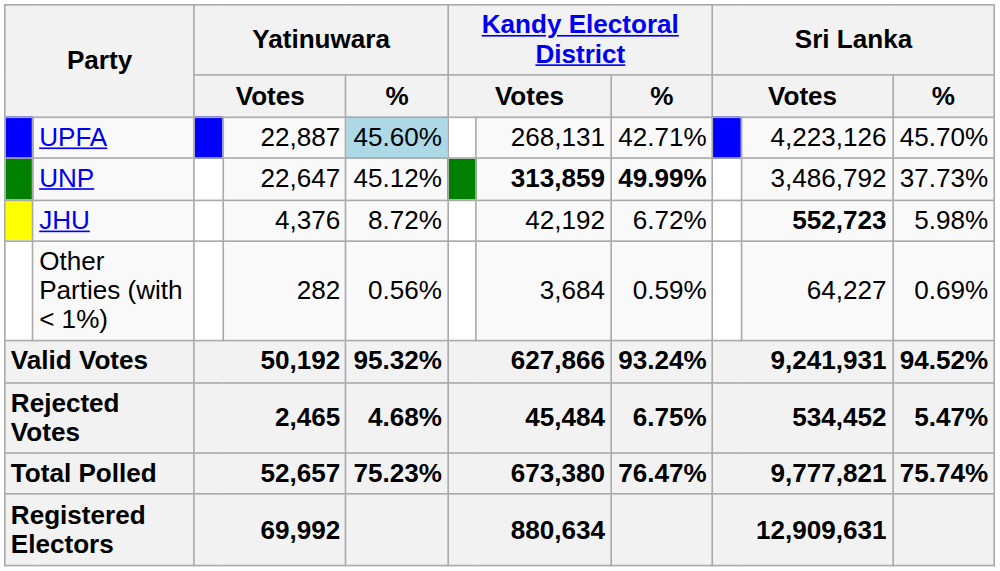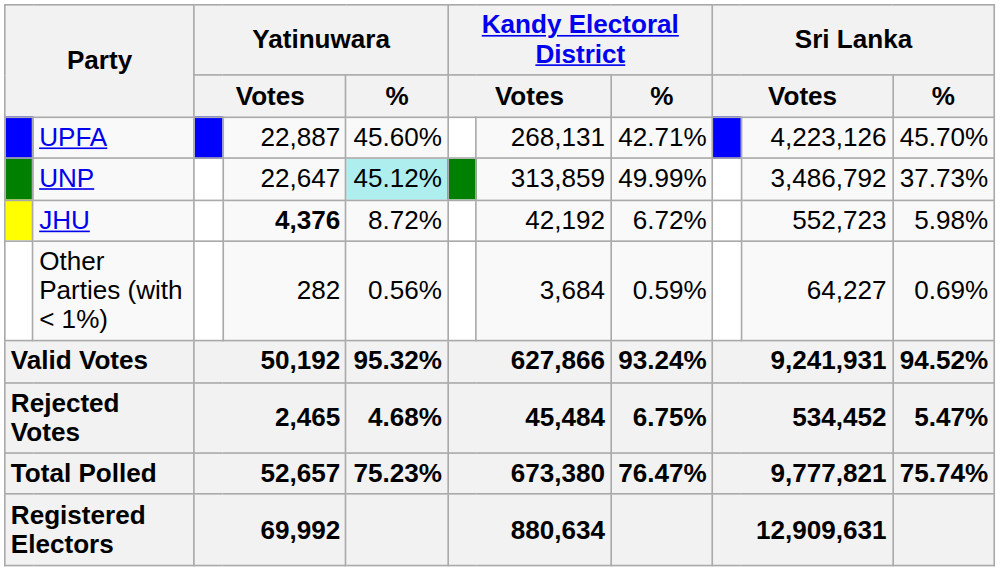 <table class="wikitable">
 <tr>
 <th colspan="2" width="144px"rowspan="2">Party</th>
 <th colspan="3" width="216px">Yatinuwara</th>
 <th colspan="3" width="216px"><a href='#'>Kandy Electoral District</a></th>
 <th colspan="3" width="216px">Sri Lanka</th>
 </tr>
 <tr>
 <th colspan="2" width="144px">Votes</th>
 <th>%</th>
 <th colspan="2" width="144px">Votes</th>
 <th>%</th>
 <th colspan="2" width="144px">Votes</th>
 <th>%</th>
 </tr>
 <tr>
 <td style="background-color:blue;" width="10px"></td>
 <td style="text-align:left;"><a href='#'>UPFA</a></td>
 <td style="background-color:blue;" width="10px"></td>
 <td style="text-align:right;">22,887</td>
-<td style="background: lightblue; text-align:right;">45.60%</td>
+<td style="text-align:right;">45.60%</td>
 <td style="background-color:white;" width="10px"></td>
 <td style="text-align:right;">268,131</td>
 <td style="text-align:right;">42.71%</td>
 <td style="background-color:blue;" width="10px"></td>
 <td style="text-align:right;">4,223,126</td>
 <td style="text-align:right;">45.70%</td>
 </tr>
 <tr>
 <td style="background-color:green;" width="10px"></td>
 <td style="text-align:left;"><a href='#'>UNP</a></td>
 <td style="background-color:white;" width="10px"></td>
 <td style="text-align:right;">22,647</td>
-<td style="text-align:right;">45.12%</td>
+<td style="background: paleturquoise; text-align:right;">45.12%</td>
 <td style="background-color:green;" width="10px"></td>
-<td style="text-align:right;"><strong>313,859</strong></td>
-<td style="text-align:right;"><strong>49.99%</strong></td>
+<td style="text-align:right;">313,859</td>
+<td style="text-align:right;">49.99%</td>
 <td style="background-color:white;" width="10px"></td>
 <td style="text-align:right;">3,486,792</td>
 <td style="text-align:right;">37.73%</td>
 </tr>
 <tr>
 <td style="background-color:yellow;" width="10px"></td>
 <td style="text-align:left;"><a href='#'>JHU</a></td>
 <td style="background-color:white;" width="10px"></td>
-<td style="text-align:right;">4,376</td>
+<td style="text-align:right;"><strong>4,376</strong></td>
 <td style="text-align:right;">8.72%</td>
 <td style="background-color:white;" width="10px"></td>
 <td style="text-align:right;">42,192</td>
 <td style="text-align:right;">6.72%</td>
 <td style="background-color:white;" width="10px"></td>
-<td style="text-align:right;"><strong>552,723</strong></td>
+<td style="text-align:right;">552,723</td>
 <td style="text-align:right;">5.98%</td>
 </tr>
 <tr>
 <td style="background-color:white;" width="10px"></td>
 <td style="text-align:left;">Other Parties (with < 1%)</td>
 <td style="background-color:white;" width="10px"></td>
 <td style="text-align:right;">282</td>
 <td style="text-align:right;">0.56%</td>
 <td style="background-color:white;" width="10px"></td>
 <td style="text-align:right;">3,684</td>
 <td style="text-align:right;">0.59%</td>
 <td style="background-color:white;" width="10px"></td>
 <td style="text-align:right;">64,227</td>
 <td style="text-align:right;">0.69%</td>
 </tr>
 <tr>
 <th colspan="2" width="144px"style="text-align:left;">Valid Votes</th>
 <th style="text-align:right;"colspan="2" width="144px">50,192</th>
 <th style="text-align:right;">95.32%</th>
 <th style="text-align:right;"colspan="2" width="144px">627,866</th>
 <th style="text-align:right;">93.24%</th>
 <th style="text-align:right;"colspan="2" width="144px">9,241,931</th>
 <th style="text-align:right;">94.52%</th>
 </tr>
 <tr>
 <th colspan="2" width="144px"style="text-align:left;">Rejected Votes</th>
 <th style="text-align:right;"colspan="2" width="144px">2,465</th>
 <th style="text-align:right;">4.68%</th>
 <th style="text-align:right;"colspan="2" width="144px">45,484</th>
 <th style="text-align:right;">6.75%</th>
 <th style="text-align:right;"colspan="2" width="144px">534,452</th>
 <th style="text-align:right;">5.47%</th>
 </tr>
 <tr>
 <th colspan="2" width="144px"style="text-align:left;">Total Polled</th>
 <th style="text-align:right;"colspan="2" width="144px">52,657</th>
 <th style="text-align:right;">75.23%</th>
 <th style="text-align:right;"colspan="2" width="144px">673,380</th>
 <th style="text-align:right;">76.47%</th>
 <th style="text-align:right;"colspan="2" width="144px">9,777,821</th>
 <th style="text-align:right;">75.74%</th>
 </tr>
 <tr>
 <th colspan="2" width="144px"style="text-align:left;">Registered Electors</th>
 <th style="text-align:right;"colspan="2" width="144px">69,992</th>
 <th></th>
 <th style="text-align:right;"colspan="2" width="144px">880,634</th>
 <th></th>
 <th style="text-align:right;"colspan="2" width="144px">12,909,631</th>
 <th></th>
 </tr>
 </table>
